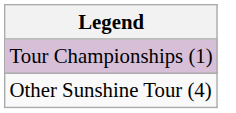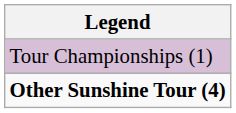 <table class="wikitable" style="font-size:95%;">
 <tr>
 <th>Legend</th>
 </tr>
 <tr style="background:thistle;">
 <td>Tour Championships (1)</td>
 </tr>
 <tr>
-<td>Other Sunshine Tour (4)</td>
+<td><strong>Other Sunshine Tour (4)</strong></td>
 </tr>
 </table>
